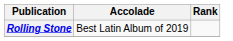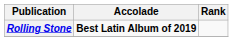 <table class="sortable wikitable plainrowheaders">
 <tr>
 <th scope="col">Publication</th>
 <th scope="col">Accolade</th>
 <th scope="col">Rank</th>
 </tr>
 <tr>
 <th scope="row"><em><a href='#'>Rolling Stone</a></em></th>
-<td>Best Latin Album of 2019</td>
+<td><strong>Best Latin Album of 2019</strong></td>
 <td></td>
 </tr>
 <tr>
 </tr>
 </table>
